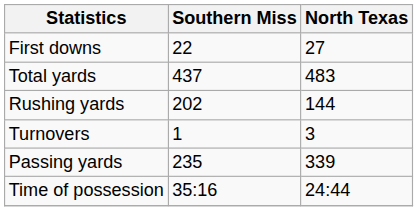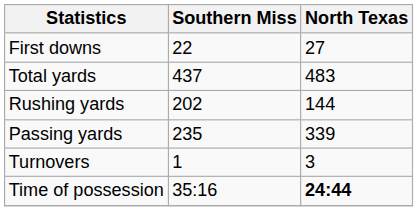 <table class="wikitable">
 <tr>
 <th>Statistics</th>
 <th>Southern Miss</th>
 <th>North Texas</th>
 </tr>
 <tr>
 <td>First downs</td>
 <td>22</td>
 <td>27</td>
 </tr>
 <tr>
 <td>Total yards</td>
 <td>437</td>
 <td>483</td>
 </tr>
 <tr>
 <td>Rushing yards</td>
 <td>202</td>
 <td>144</td>
 </tr>
 <tr>
+<td>Passing yards</td>
+<td>235</td>
+<td>339</td>
+</tr>
+<tr>
 <td>Turnovers</td>
 <td>1</td>
 <td>3</td>
 </tr>
 <tr>
-<td>Passing yards</td>
-<td>235</td>
-<td>339</td>
-</tr>
-<tr>
 <td>Time of possession</td>
 <td>35:16</td>
-<td>24:44</td>
+<td><strong>24:44</strong></td>
 </tr>
 <tr>
 </tr>
 </table>
